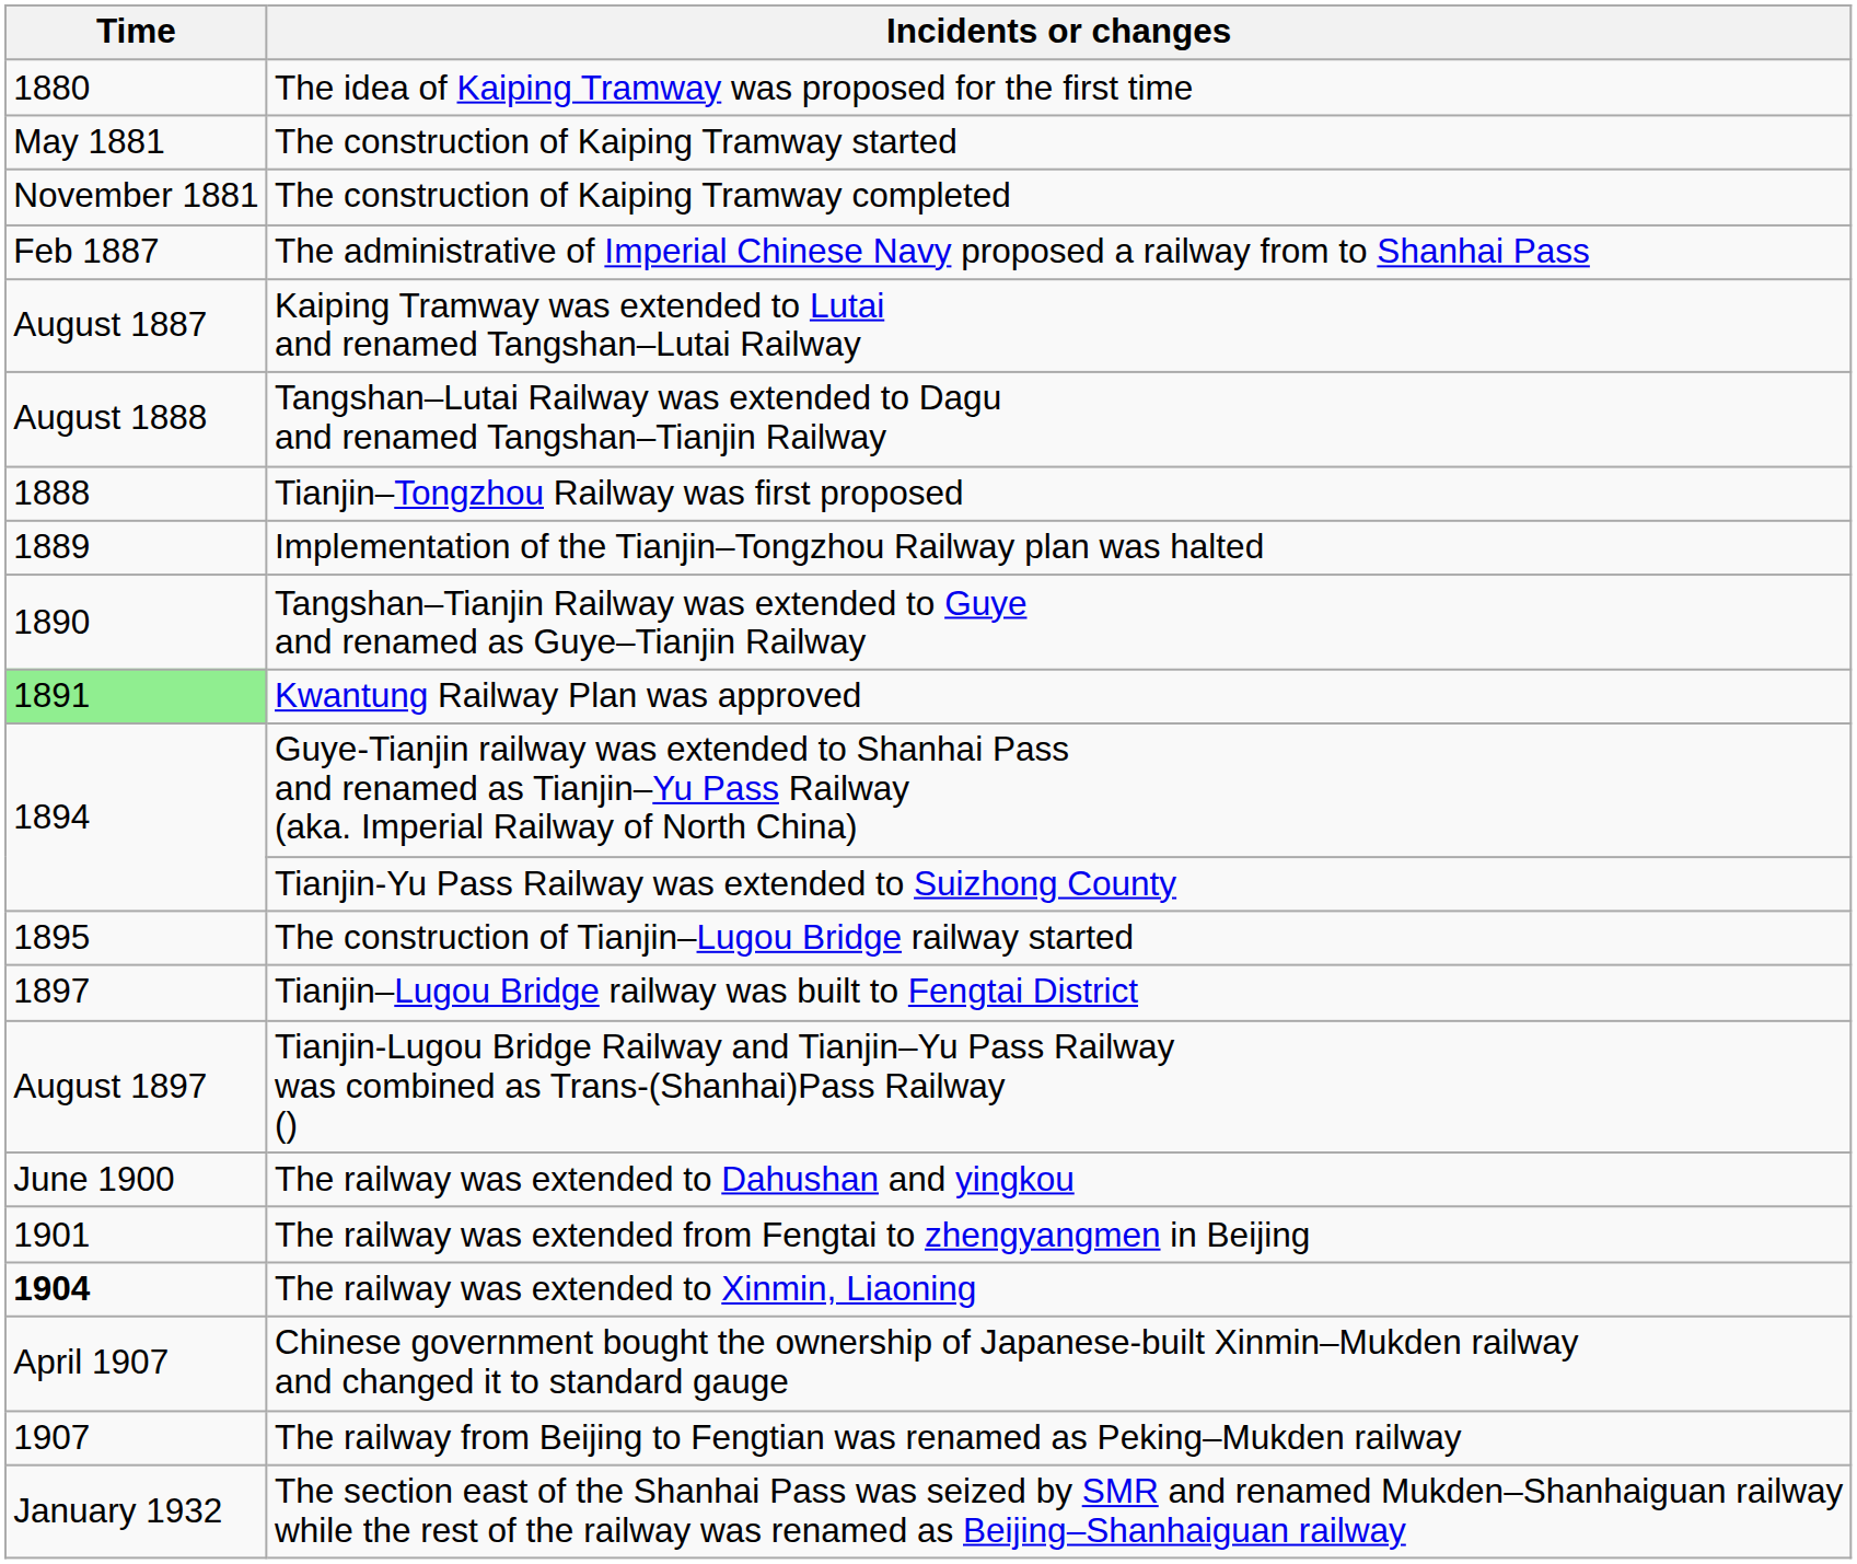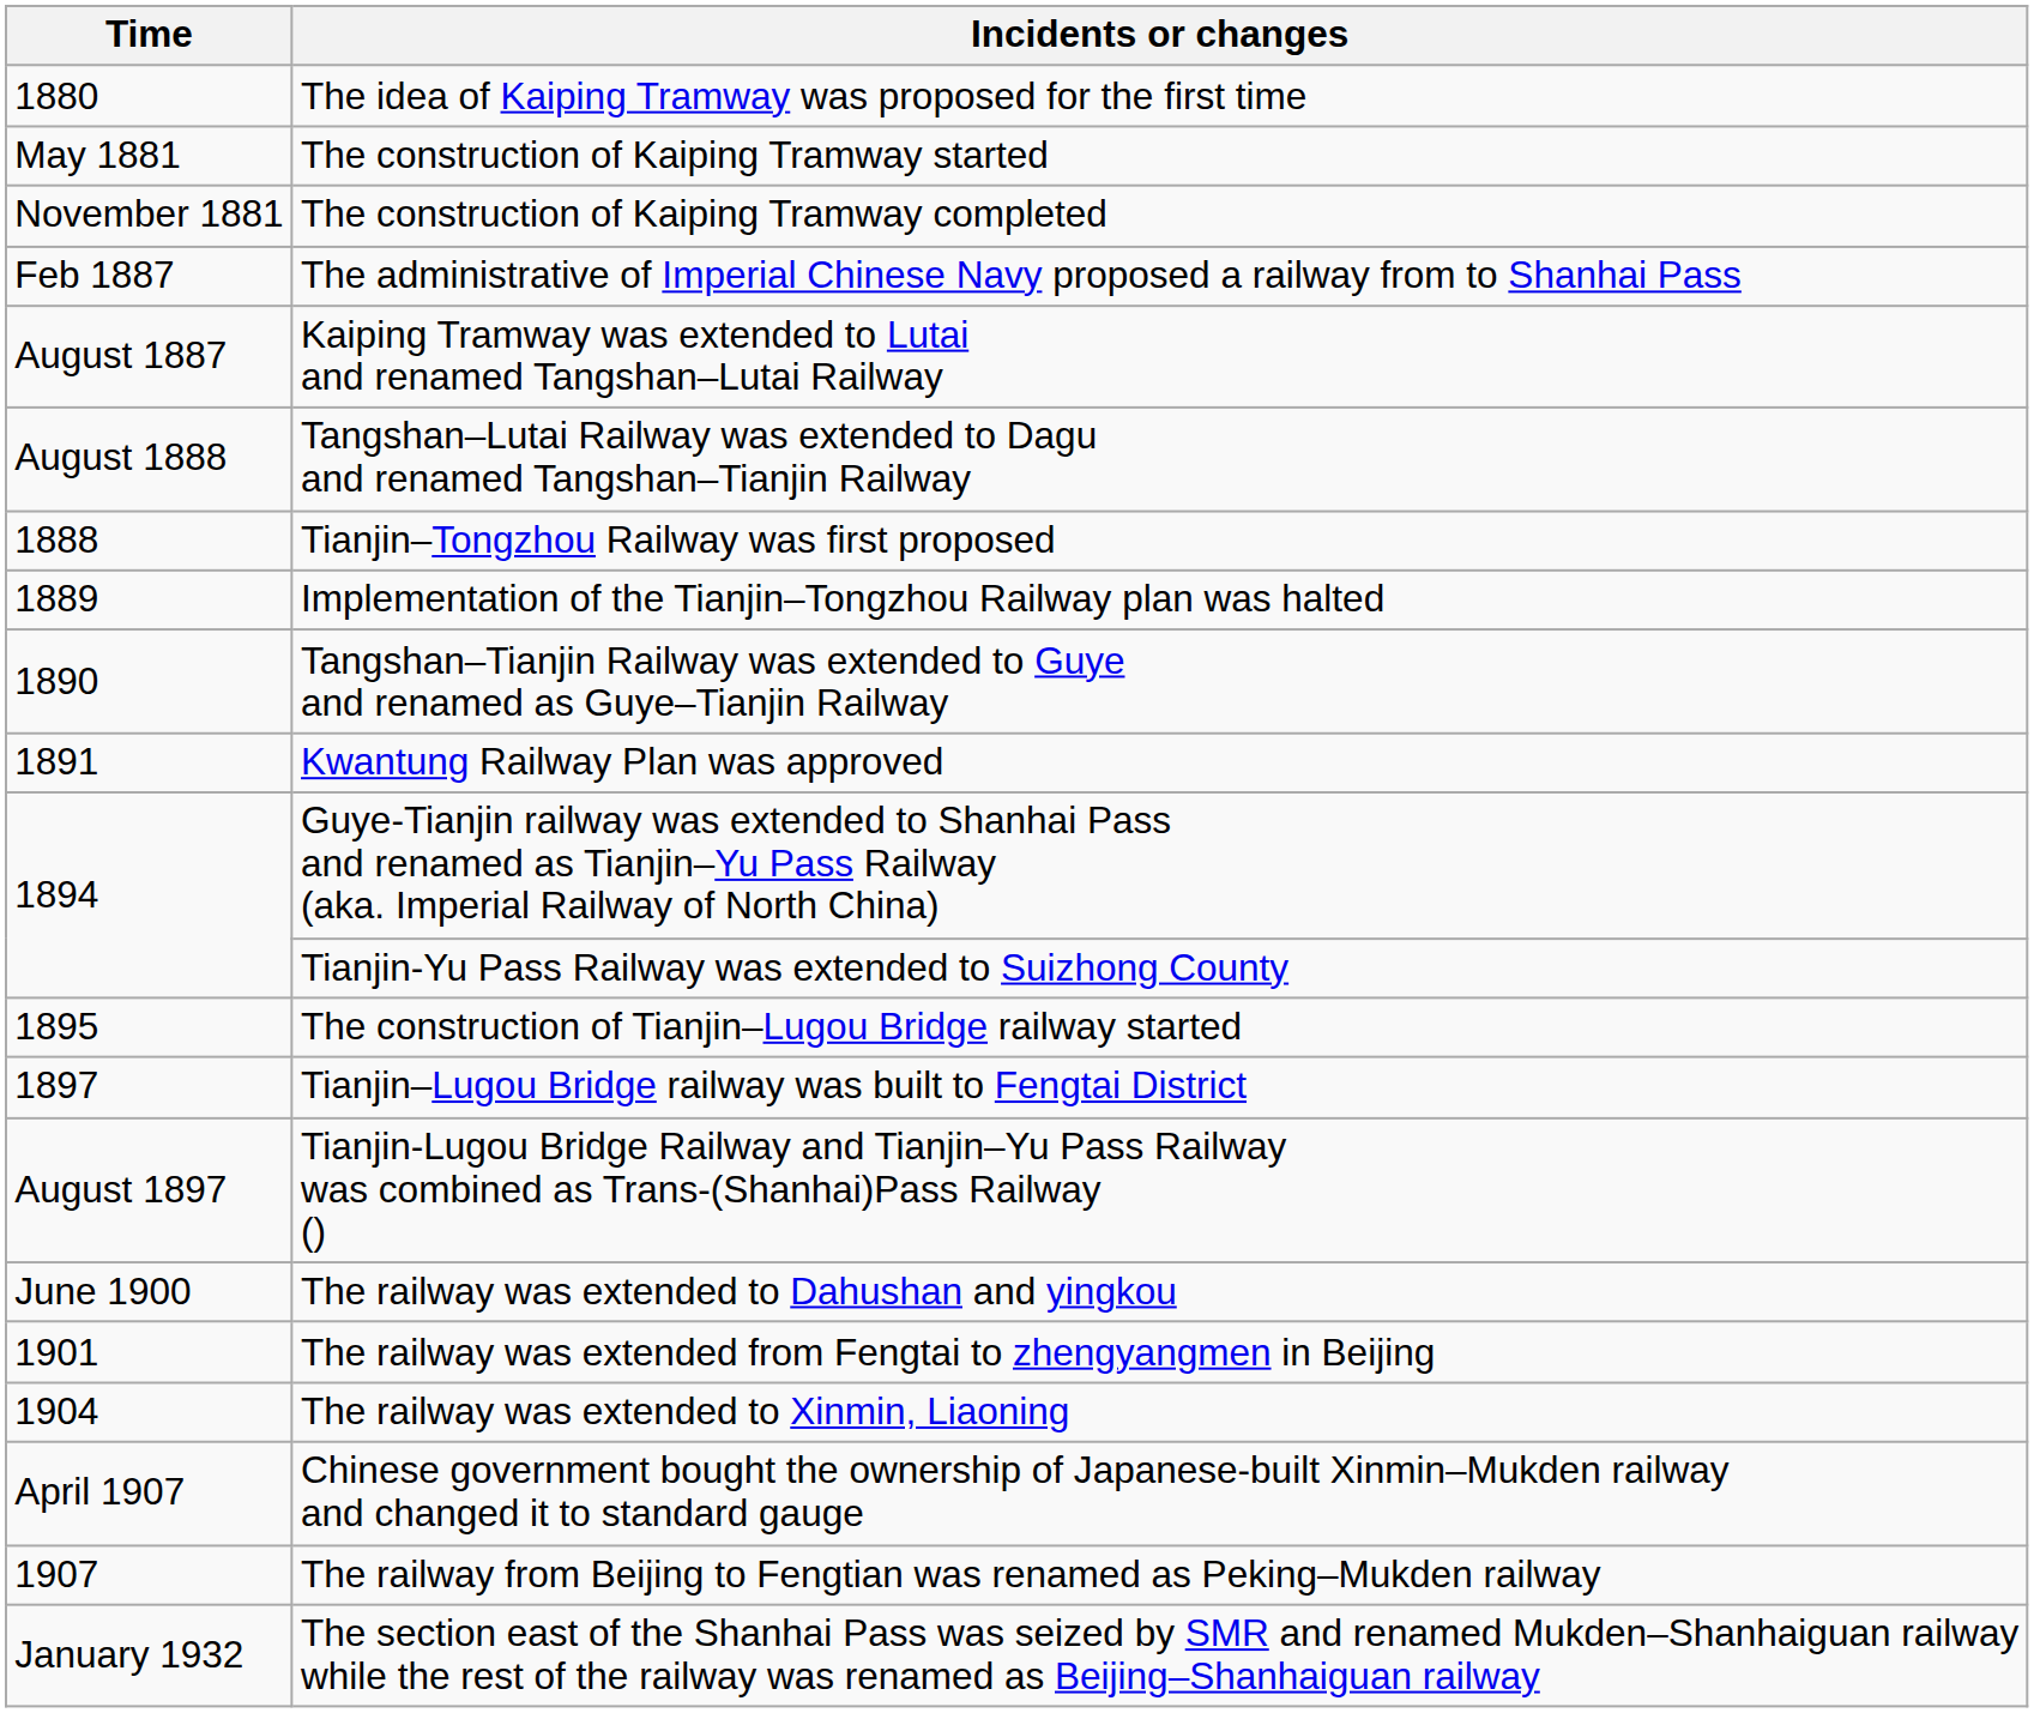 <table class="wikitable">
 <tr>
 <th>Time</th>
 <th>Incidents or changes</th>
 </tr>
 <tr>
 <td>1880</td>
 <td>The idea of <a href='#'>Kaiping Tramway</a> was proposed for the first time</td>
 </tr>
 <tr>
 <td>May 1881</td>
 <td>The construction of Kaiping Tramway started</td>
 </tr>
 <tr>
 <td>November 1881</td>
 <td>The construction of Kaiping Tramway completed</td>
 </tr>
 <tr>
 <td>Feb 1887</td>
 <td>The administrative of <a href='#'>Imperial Chinese Navy</a> proposed a railway from to <a href='#'>Shanhai Pass</a></td>
 </tr>
 <tr>
 <td>August 1887</td>
 <td>Kaiping Tramway was extended to <a href='#'>Lutai</a><br>and renamed Tangshan–Lutai Railway</td>
 </tr>
 <tr>
 <td>August 1888</td>
 <td>Tangshan–Lutai Railway was extended to Dagu<br>and renamed Tangshan–Tianjin Railway</td>
 </tr>
 <tr>
 <td>1888</td>
 <td>Tianjin–<a href='#'>Tongzhou</a> Railway was first proposed</td>
 </tr>
 <tr>
 <td>1889</td>
 <td>Implementation of the Tianjin–Tongzhou Railway plan was halted</td>
 </tr>
 <tr>
 <td>1890</td>
 <td>Tangshan–Tianjin Railway was extended to <a href='#'>Guye</a><br>and renamed as Guye–Tianjin Railway</td>
 </tr>
 <tr>
-<td style="background: lightgreen;">1891</td>
+<td>1891</td>
 <td><a href='#'>Kwantung</a> Railway Plan was approved</td>
 </tr>
 <tr>
 <td rowspan="2">1894</td>
 <td>Guye-Tianjin railway was extended to Shanhai Pass<br>and renamed as Tianjin–<a href='#'>Yu Pass</a> Railway<br>(aka. Imperial Railway of North China)</td>
 </tr>
 <tr>
 <td>Tianjin-Yu Pass Railway was extended to <a href='#'>Suizhong County</a></td>
 </tr>
 <tr>
 <td>1895</td>
 <td>The construction of Tianjin–<a href='#'>Lugou Bridge</a> railway started</td>
 </tr>
 <tr>
 <td>1897</td>
 <td>Tianjin–<a href='#'>Lugou Bridge</a> railway was built to <a href='#'>Fengtai District</a></td>
 </tr>
 <tr>
 <td>August 1897</td>
 <td>Tianjin-Lugou Bridge Railway and Tianjin–Yu Pass Railway<br>was combined as Trans-(Shanhai)Pass Railway<br>()</td>
 </tr>
 <tr>
 <td>June 1900</td>
 <td>The railway was extended to <a href='#'>Dahushan</a> and <a href='#'>yingkou</a></td>
 </tr>
 <tr>
 <td>1901</td>
 <td>The railway was extended from Fengtai to <a href='#'>zhengyangmen</a> in Beijing</td>
 </tr>
 <tr>
-<td><strong>1904</strong></td>
+<td>1904</td>
 <td>The railway was extended to <a href='#'>Xinmin, Liaoning</a></td>
 </tr>
 <tr>
 <td>April 1907</td>
 <td>Chinese government bought the ownership of Japanese-built Xinmin–Mukden railway<br>and changed it to standard gauge</td>
 </tr>
 <tr>
 <td>1907</td>
 <td>The railway from Beijing to Fengtian was renamed as Peking–Mukden railway</td>
 </tr>
 <tr>
 <td>January 1932</td>
 <td>The section east of the Shanhai Pass was seized by <a href='#'>SMR</a> and renamed Mukden–Shanhaiguan railway<br>while the rest of the railway was renamed as <a href='#'>Beijing–Shanhaiguan railway</a></td>
 </tr>
 </table>
